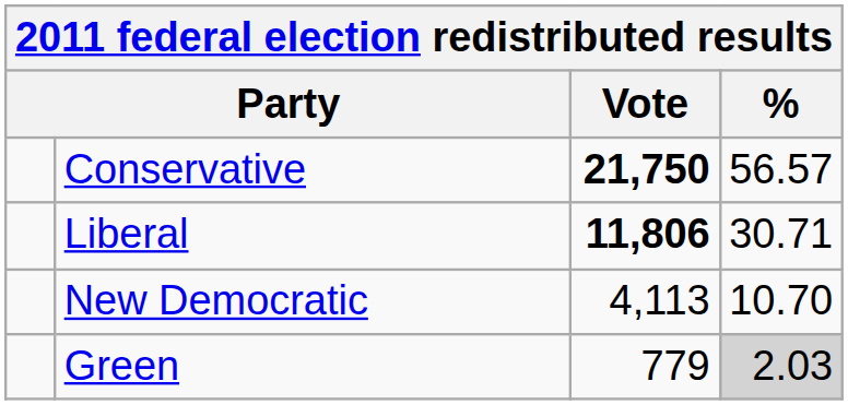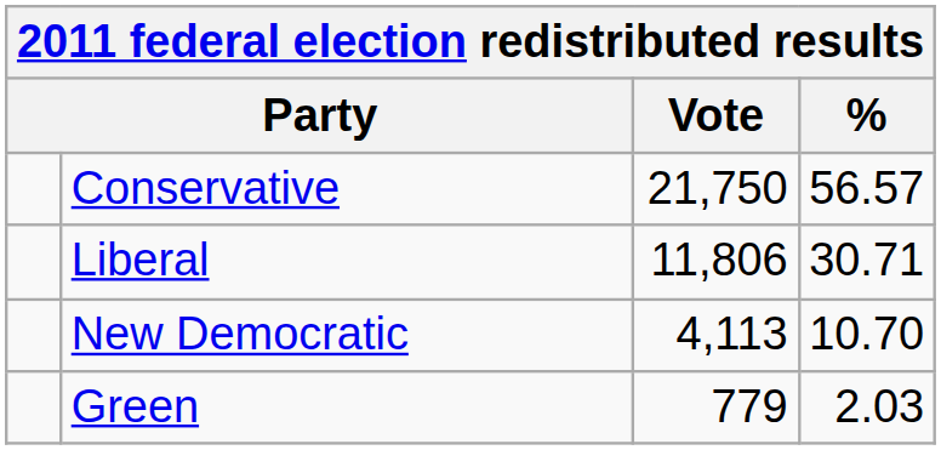 <table class="wikitable">
 <tr>
 <th colspan="4"><a href='#'>2011 federal election</a> redistributed results</th>
 </tr>
 <tr>
 <th bgcolor="#DDDDFF" width="130px" colspan="2">Party</th>
 <th bgcolor="#DDDDFF" width="50px">Vote</th>
 <th bgcolor="#DDDDFF" width="30px">%</th>
 </tr>
 <tr>
 <td> </td>
 <td><a href='#'>Conservative</a></td>
-<td align=right><strong>21,750</strong></td>
+<td align=right>21,750</td>
 <td align=right>56.57</td>
 </tr>
 <tr>
 <td> </td>
 <td><a href='#'>Liberal</a></td>
-<td align=right><strong>11,806</strong></td>
+<td align=right>11,806</td>
 <td align=right>30.71</td>
 </tr>
 <tr>
 <td> </td>
 <td><a href='#'>New Democratic</a></td>
 <td align=right>4,113</td>
 <td align=right>10.70</td>
 </tr>
 <tr>
 <td> </td>
 <td><a href='#'>Green</a></td>
 <td align=right>779</td>
-<td align=right style="background: lightgrey;">2.03</td>
+<td align=right>2.03</td>
 </tr>
 </table>
